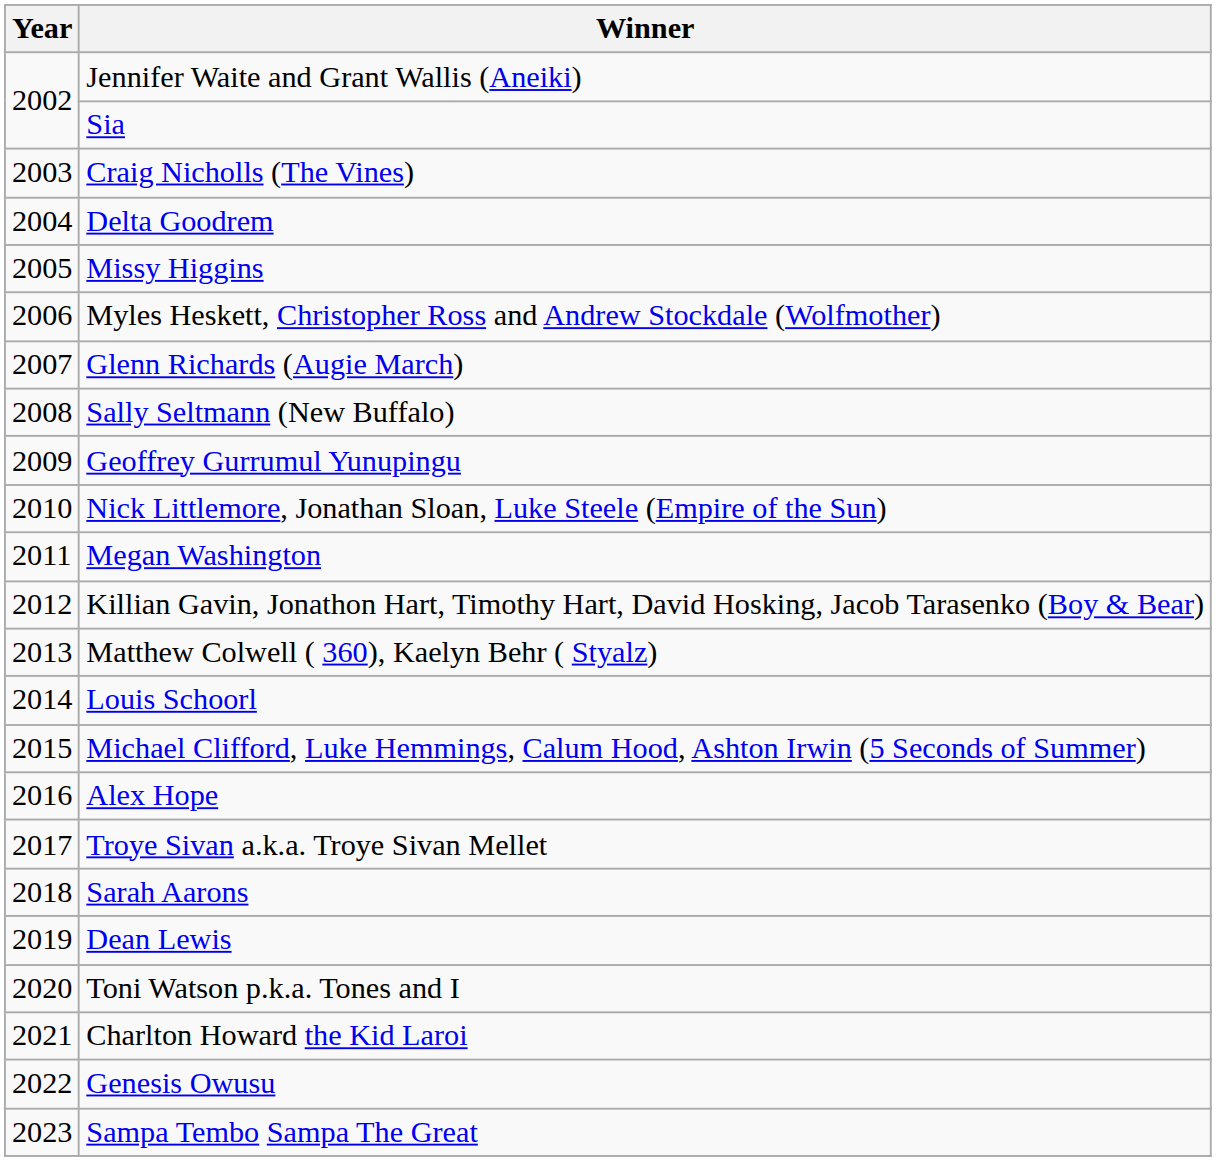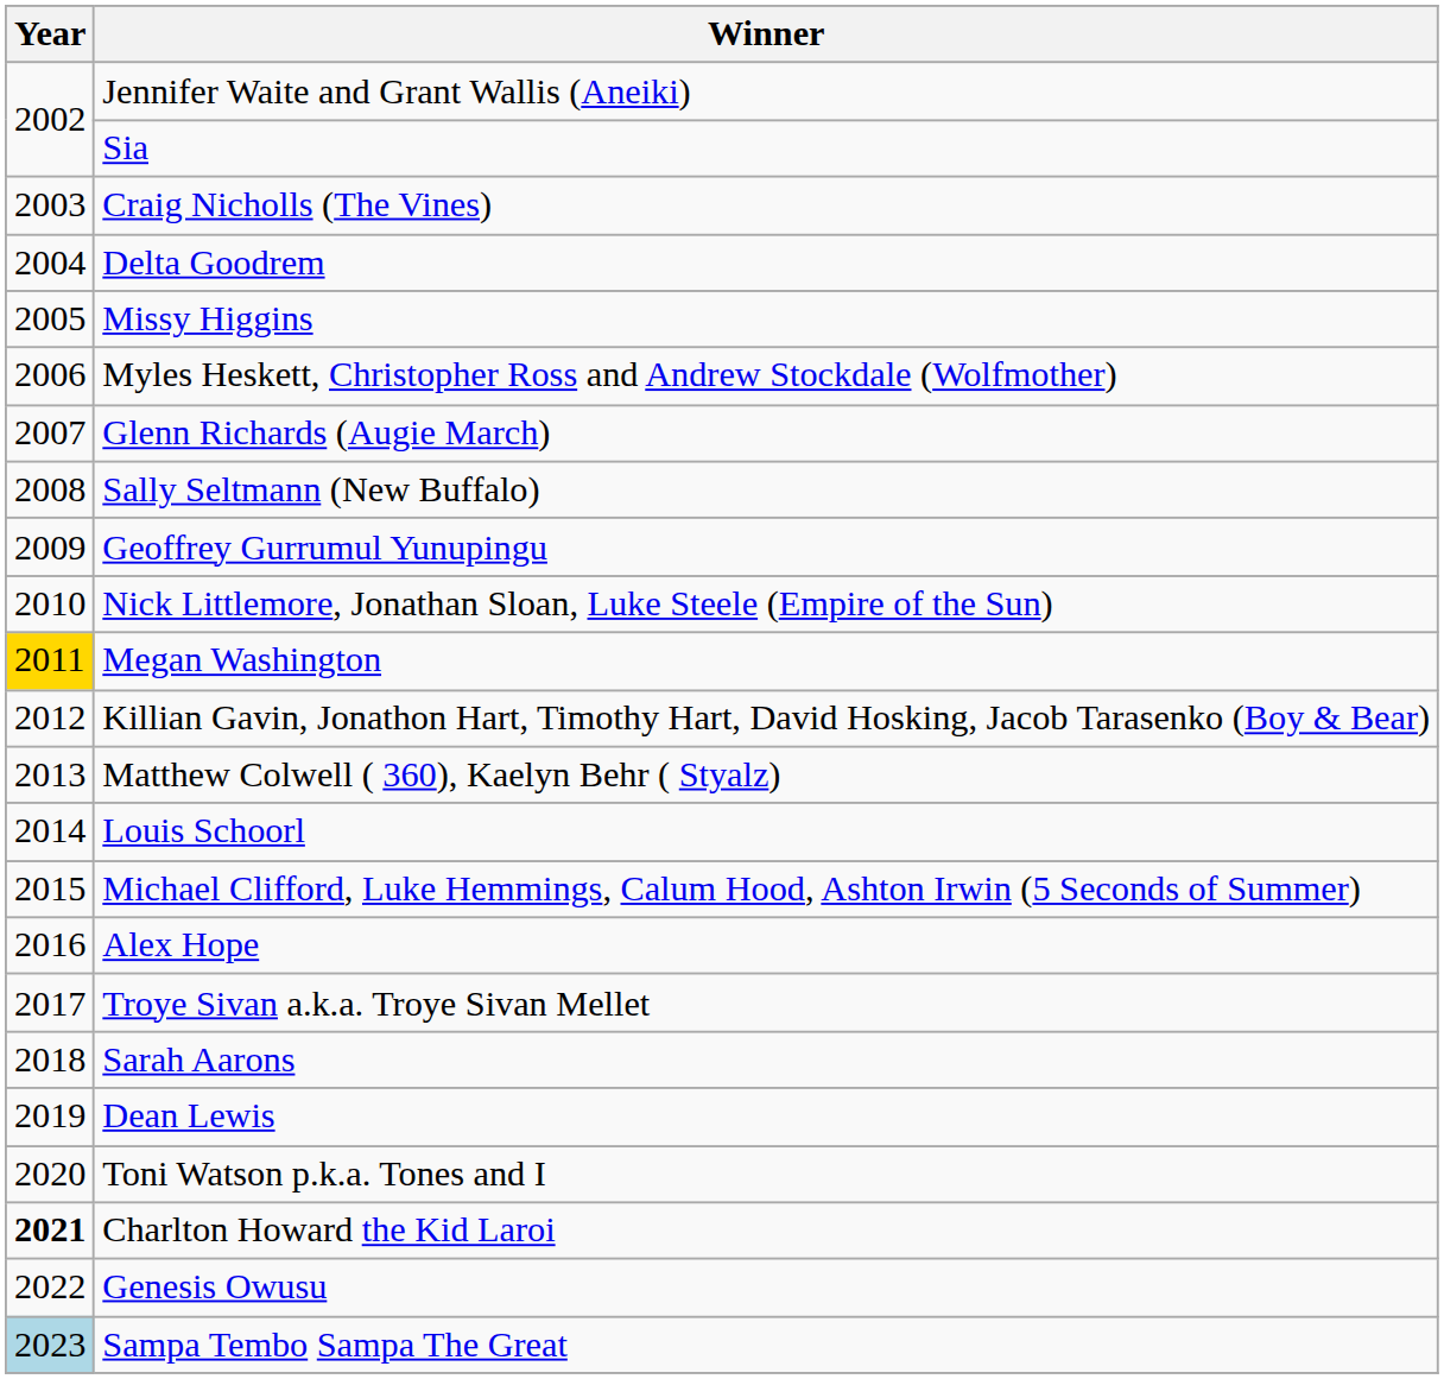 <table class="wikitable">
 <tr>
 <th>Year</th>
 <th>Winner</th>
 </tr>
 <tr>
 <td rowspan="2">2002</td>
 <td>Jennifer Waite and Grant Wallis (<a href='#'>Aneiki</a>)</td>
 </tr>
 <tr>
 <td><a href='#'>Sia</a></td>
 </tr>
 <tr>
 <td>2003</td>
 <td><a href='#'>Craig Nicholls</a> (<a href='#'>The Vines</a>)</td>
 </tr>
 <tr>
 <td>2004</td>
 <td><a href='#'>Delta Goodrem</a></td>
 </tr>
 <tr>
 <td>2005</td>
 <td><a href='#'>Missy Higgins</a></td>
 </tr>
 <tr>
 <td>2006</td>
 <td>Myles Heskett, <a href='#'>Christopher Ross</a> and <a href='#'>Andrew Stockdale</a> (<a href='#'>Wolfmother</a>)</td>
 </tr>
 <tr>
 <td>2007</td>
 <td><a href='#'>Glenn Richards</a> (<a href='#'>Augie March</a>)</td>
 </tr>
 <tr>
 <td>2008</td>
 <td><a href='#'>Sally Seltmann</a> (New Buffalo)</td>
 </tr>
 <tr>
 <td>2009</td>
 <td><a href='#'>Geoffrey Gurrumul Yunupingu</a></td>
 </tr>
 <tr>
 <td>2010</td>
 <td><a href='#'>Nick Littlemore</a>, Jonathan Sloan, <a href='#'>Luke Steele</a> (<a href='#'>Empire of the Sun</a>)</td>
 </tr>
 <tr>
-<td>2011</td>
+<td style="background: gold;">2011</td>
 <td><a href='#'>Megan Washington</a></td>
 </tr>
 <tr>
 <td>2012</td>
 <td>Killian Gavin, Jonathon Hart, Timothy Hart, David Hosking, Jacob Tarasenko (<a href='#'>Boy & Bear</a>)</td>
 </tr>
 <tr>
 <td>2013</td>
 <td>Matthew Colwell ( <a href='#'>360</a>), Kaelyn Behr ( <a href='#'>Styalz</a>)</td>
 </tr>
 <tr>
 <td>2014</td>
 <td><a href='#'>Louis Schoorl</a></td>
 </tr>
 <tr>
 <td>2015</td>
 <td><a href='#'>Michael Clifford</a>, <a href='#'>Luke Hemmings</a>, <a href='#'>Calum Hood</a>, <a href='#'>Ashton Irwin</a> (<a href='#'>5 Seconds of Summer</a>)</td>
 </tr>
 <tr>
 <td>2016</td>
 <td><a href='#'>Alex Hope</a></td>
 </tr>
 <tr>
 <td>2017</td>
 <td><a href='#'>Troye Sivan</a> a.k.a. Troye Sivan Mellet</td>
 </tr>
 <tr>
 <td>2018</td>
 <td><a href='#'>Sarah Aarons</a></td>
 </tr>
 <tr>
 <td>2019</td>
 <td><a href='#'>Dean Lewis</a></td>
 </tr>
 <tr>
 <td>2020</td>
 <td>Toni Watson p.k.a. Tones and I</td>
 </tr>
 <tr>
-<td>2021</td>
+<td><strong>2021</strong></td>
 <td>Charlton Howard  <a href='#'>the Kid Laroi</a></td>
 </tr>
 <tr>
 <td>2022</td>
 <td><a href='#'>Genesis Owusu</a></td>
 </tr>
 <tr>
-<td>2023</td>
+<td style="background: lightblue;">2023</td>
 <td><a href='#'>Sampa Tembo</a>  <a href='#'>Sampa The Great</a></td>
 </tr>
 </table>
